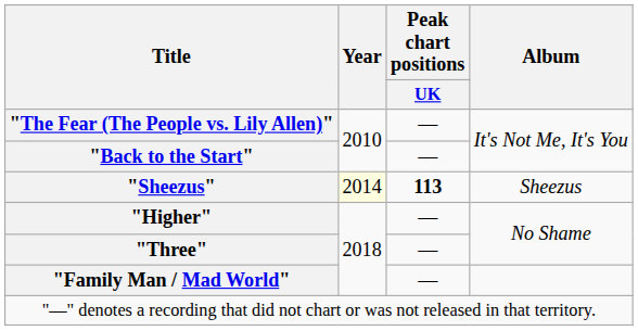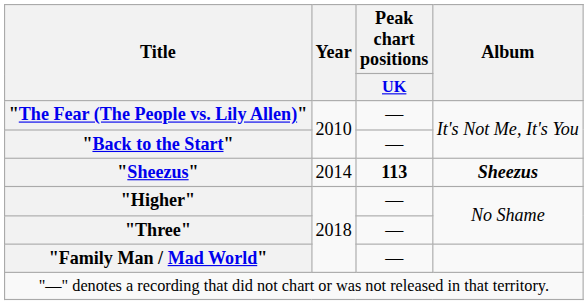 <table class="wikitable plainrowheaders" style="text-align:center;">
 <tr>
 <th scope="col" rowspan="2">Title</th>
 <th scope="col" rowspan="2">Year</th>
 <th scope="col">Peak chart positions</th>
 <th scope="col" rowspan="2">Album</th>
 </tr>
 <tr>
 <th scope="col" style="width:2.5em;font-size:90%;"><a href='#'>UK</a><br></th>
 </tr>
 <tr>
 <th scope="row">"<a href='#'>The Fear (The People vs. Lily Allen)</a>"</th>
 <td rowspan="2">2010</td>
 <td>—</td>
 <td rowspan="2"><em>It's Not Me, It's You</em></td>
 </tr>
 <tr>
 <th scope="row">"<a href='#'>Back to the Start</a>"</th>
 <td>—</td>
 </tr>
 <tr>
 <th scope="row">"<a href='#'>Sheezus</a>"</th>
-<td style="background: lightyellow;">2014</td>
+<td>2014</td>
 <td><strong>113</strong></td>
-<td><em>Sheezus</em></td>
+<td><strong><em>Sheezus</em></strong></td>
 </tr>
 <tr>
 <th scope="row">"Higher"</th>
 <td rowspan="3">2018</td>
 <td>—</td>
 <td rowspan="2"><em>No Shame</em></td>
 </tr>
 <tr>
 <th scope="row">"Three"</th>
 <td>—</td>
 </tr>
 <tr>
 <th scope="row">"Family Man / <a href='#'>Mad World</a>"</th>
 <td>—</td>
 <td></td>
 </tr>
 <tr>
 <td colspan="4" style="font-size:90%">"—" denotes a recording that did not chart or was not released in that territory.</td>
 </tr>
 </table>
